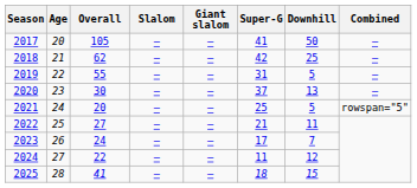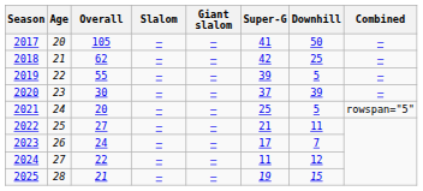 <table class=wikitable style="text-align:center">
 <tr>
 <th>Season</th>
 <th>Age</th>
 <th> Overall </th>
 <th> Slalom </th>
 <th>Giant<br> slalom </th>
 <th>Super-G</th>
 <th>Downhill</th>
 <th>Combined</th>
 </tr>
 <tr>
 <td><a href='#'>2017</a></td>
 <td><em>20</em></td>
 <td><a href='#'>105</a></td>
 <td><a href='#'>—</a></td>
 <td><a href='#'>—</a></td>
 <td><a href='#'>41</a></td>
 <td><a href='#'>50</a></td>
 <td><a href='#'>—</a></td>
 </tr>
 <tr>
 <td><a href='#'>2018</a></td>
 <td><em>21</em></td>
 <td><a href='#'>62</a></td>
 <td><a href='#'>—</a></td>
 <td><a href='#'>—</a></td>
 <td><a href='#'>42</a></td>
 <td><a href='#'>25</a></td>
 <td><a href='#'>—</a></td>
 </tr>
 <tr>
 <td><a href='#'>2019</a></td>
 <td><em>22</em></td>
 <td><a href='#'>55</a></td>
 <td><a href='#'>—</a></td>
 <td><a href='#'>—</a></td>
-<td><a href='#'>31</a></td>
+<td><a href='#'>39</a></td>
 <td><a href='#'>5</a></td>
 <td><a href='#'>—</a></td>
 </tr>
 <tr>
 <td><a href='#'>2020</a></td>
 <td><em>23</em></td>
 <td><a href='#'>30</a></td>
 <td><a href='#'>—</a></td>
 <td><a href='#'>—</a></td>
 <td><a href='#'>37</a></td>
-<td><a href='#'>13</a></td>
+<td><a href='#'>39</a></td>
 <td><a href='#'>—</a></td>
 </tr>
 <tr>
 <td><a href='#'>2021</a></td>
 <td><em>24</em></td>
 <td><a href='#'>20</a></td>
 <td><a href='#'>—</a></td>
 <td><a href='#'>—</a></td>
 <td><a href='#'>25</a></td>
 <td><a href='#'>5</a></td>
 <td>rowspan="5" </td>
 </tr>
 <tr>
 <td><a href='#'>2022</a></td>
 <td><em>25</em></td>
 <td><a href='#'>27</a></td>
 <td><a href='#'>—</a></td>
 <td><a href='#'>—</a></td>
 <td><a href='#'>21</a></td>
 <td><a href='#'>11</a></td>
 </tr>
 <tr>
 <td><a href='#'>2023</a></td>
 <td><em>26</em></td>
 <td><a href='#'>24</a></td>
 <td><a href='#'>—</a></td>
 <td><a href='#'>—</a></td>
 <td><a href='#'>17</a></td>
 <td><a href='#'>7</a></td>
 </tr>
 <tr>
 <td><a href='#'>2024</a></td>
 <td><em>27</em></td>
 <td><a href='#'>22</a></td>
 <td><a href='#'>—</a></td>
 <td><a href='#'>—</a></td>
 <td><a href='#'>11</a></td>
 <td><a href='#'>12</a></td>
 </tr>
 <tr>
 <td><a href='#'>2025</a></td>
 <td><em>28</em></td>
-<td><a href='#'><em>41</em></a></td>
+<td><a href='#'><em>21</em></a></td>
 <td><a href='#'>—</a></td>
 <td><a href='#'>—</a></td>
-<td><a href='#'><em>18</em></a></td>
+<td><a href='#'><em>19</em></a></td>
 <td><a href='#'><em>15</em></a></td>
 </tr>
 </table>
